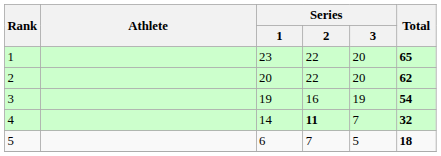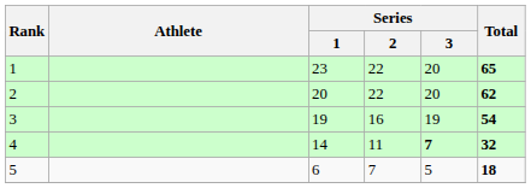 <table class="wikitable" style="font-size:95%" style="width:35em;" style="text-align:center">
 <tr>
 <th rowspan=2>Rank</th>
 <th rowspan=2 width=250>Athlete</th>
 <th colspan=3 width=160>Series</th>
 <th rowspan=2 width=40>Total</th>
 </tr>
 <tr>
 <th>1</th>
 <th>2</th>
 <th>3</th>
 </tr>
 <tr bgcolor=ccffcc>
 <td>1</td>
 <td align=left></td>
 <td>23</td>
 <td>22</td>
 <td>20</td>
 <td><strong>65</strong></td>
 </tr>
 <tr bgcolor=ccffcc>
 <td>2</td>
 <td align=left></td>
 <td>20</td>
 <td>22</td>
 <td>20</td>
 <td><strong>62</strong></td>
 </tr>
 <tr bgcolor=ccffcc>
 <td>3</td>
 <td align=left></td>
 <td>19</td>
 <td>16</td>
 <td>19</td>
 <td><strong>54</strong></td>
 </tr>
 <tr bgcolor=ccffcc>
 <td>4</td>
 <td align=left></td>
 <td>14</td>
-<td><strong>11</strong></td>
-<td>7</td>
+<td>11</td>
+<td><strong>7</strong></td>
 <td><strong>32</strong></td>
 </tr>
 <tr>
 <td>5</td>
 <td align=left></td>
 <td>6</td>
 <td>7</td>
 <td>5</td>
 <td><strong>18</strong></td>
 </tr>
 <tr>
 </tr>
 </table>
